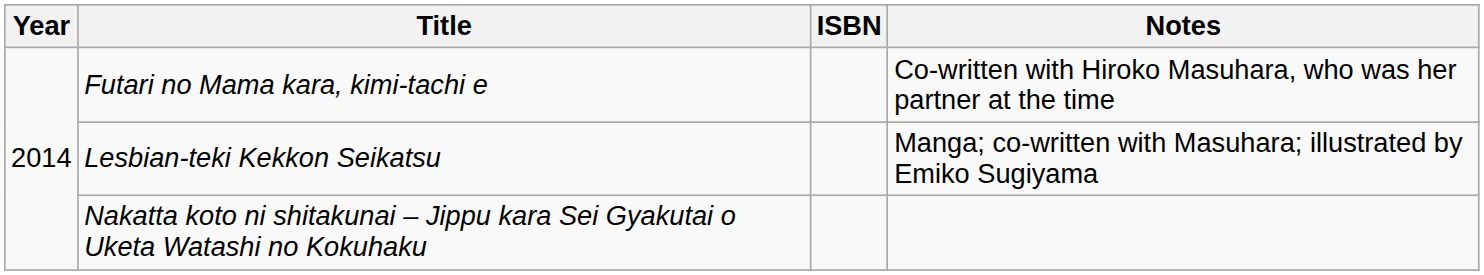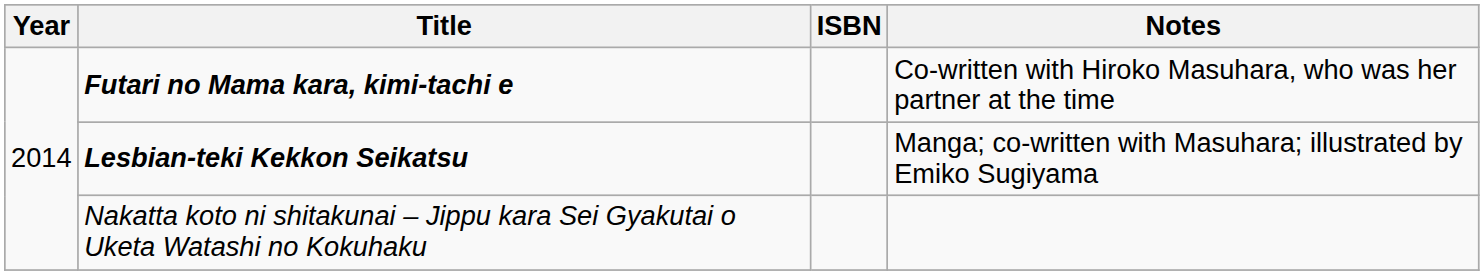 <table class="wikitable">
 <tr>
 <th>Year</th>
 <th>Title</th>
 <th>ISBN</th>
 <th>Notes</th>
 </tr>
 <tr>
 <td rowspan="3">2014</td>
-<td><em>Futari no Mama kara, kimi-tachi e</em></td>
+<td><strong><em>Futari no Mama kara, kimi-tachi e</em></strong></td>
 <td></td>
 <td>Co-written with Hiroko Masuhara, who was her partner at the time</td>
 </tr>
 <tr>
-<td><em>Lesbian-teki Kekkon Seikatsu</em></td>
+<td><strong><em>Lesbian-teki Kekkon Seikatsu</em></strong></td>
 <td></td>
 <td>Manga; co-written with Masuhara; illustrated by Emiko Sugiyama</td>
 </tr>
 <tr>
 <td><em>Nakatta koto ni shitakunai – Jippu kara Sei Gyakutai o Uketa Watashi no Kokuhaku</em></td>
 <td></td>
 <td></td>
 </tr>
 </table>
